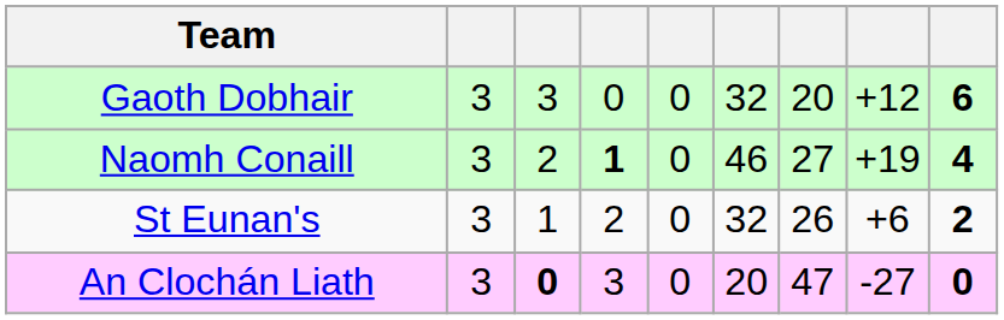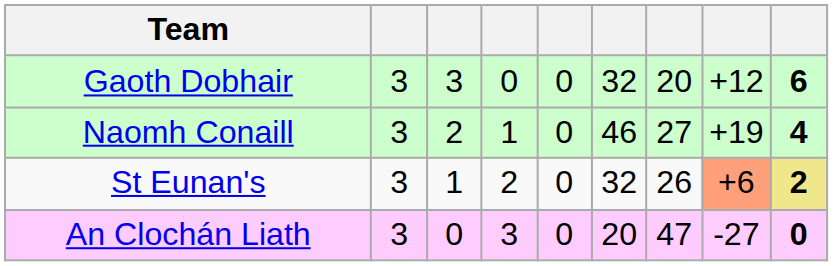 <table class="wikitable" style="text-align:center">
 <tr>
 <th style="width:175px;">Team</th>
 <th width="20"></th>
 <th width="20"></th>
 <th width="20"></th>
 <th width="20"></th>
 <th width="20"></th>
 <th width="20"></th>
 <th width="20"></th>
 <th width="20"></th>
 </tr>
 <tr style="background:#cfc;">
 <td><a href='#'>Gaoth Dobhair</a></td>
 <td>3</td>
 <td>3</td>
 <td>0</td>
 <td>0</td>
 <td>32</td>
 <td>20</td>
 <td>+12</td>
 <td><strong>6</strong></td>
 </tr>
 <tr style="background:#cfc;">
 <td><a href='#'>Naomh Conaill</a></td>
 <td>3</td>
 <td>2</td>
-<td><strong>1</strong></td>
+<td>1</td>
 <td>0</td>
 <td>46</td>
 <td>27</td>
 <td>+19</td>
 <td><strong>4</strong></td>
 </tr>
 <tr>
 <td><a href='#'>St Eunan's</a></td>
 <td>3</td>
 <td>1</td>
 <td>2</td>
 <td>0</td>
 <td>32</td>
 <td>26</td>
-<td>+6</td>
-<td><strong>2</strong></td>
+<td style="background: lightsalmon;">+6</td>
+<td style="background: khaki;"><strong>2</strong></td>
 </tr>
 <tr style="background:#fcf;">
 <td><a href='#'>An Clochán Liath</a></td>
 <td>3</td>
-<td><strong>0</strong></td>
+<td>0</td>
 <td>3</td>
 <td>0</td>
 <td>20</td>
 <td>47</td>
 <td>-27</td>
 <td><strong>0</strong></td>
 </tr>
 </table>
